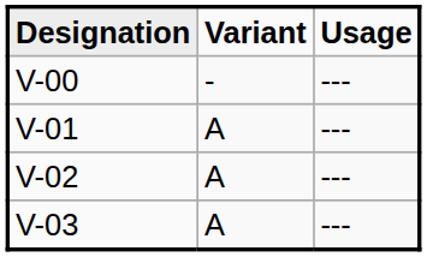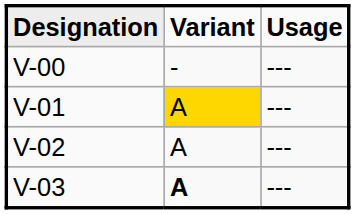 <table class="wikitable" style="margin:4px; border:2px solid #000000; font-size:95%;">
 <tr>
 <th style="background:#EDEDED;">Designation</th>
 <th style="background:#FAFAFA;">Variant</th>
 <th style="background:#FAFAFA;">Usage</th>
 </tr>
 <tr>
 <td style="background:#FAFAFA;">V-00</td>
 <td>-</td>
 <td>---</td>
 </tr>
 <tr>
 <td style="background:#FAFAFA;">V-01</td>
-<td>A</td>
+<td style="background: gold;">A</td>
 <td>---</td>
 </tr>
 <tr>
 <td style="background:#FAFAFA;">V-02</td>
 <td>A</td>
 <td>---</td>
 </tr>
 <tr>
 <td style="background:#FAFAFA;">V-03</td>
-<td>A</td>
+<td><strong>A</strong></td>
 <td>---</td>
 </tr>
 <tr>
 </tr>
 </table>
